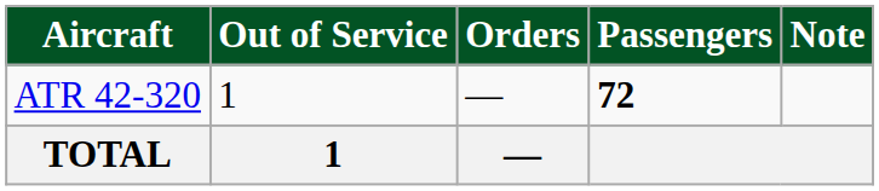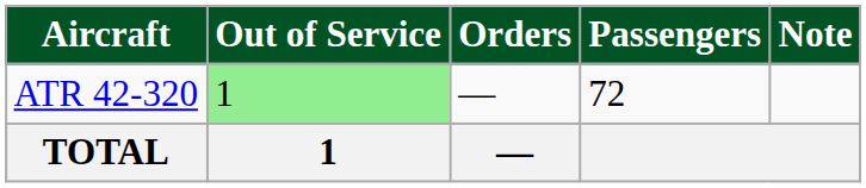 <table class="wikitable" style="margin: 1em auto;">
 <tr>
 <th style="background:#025324; color:white;">Aircraft</th>
 <th style="background:#025324; color:white;">Out of Service</th>
 <th style="background:#025324; color:white;">Orders</th>
 <th style="background:#025324; color:white;">Passengers</th>
 <th style="background:#025324; color:white;">Note</th>
 </tr>
 <tr>
 <td rowspan="1"><div><a href='#'>ATR 42-320</a></div></td>
-<td rowspan="1"><div>1</div></td>
+<td rowspan="1" style="background: lightgreen;"><div>1</div></td>
 <td rowspan="1"><div>—</div></td>
-<td rowspan="1"><strong><div>72</div></strong></td>
+<td rowspan="1"><div>72</div></td>
 <td><div></div></td>
 </tr>
 <tr>
 <th>TOTAL</th>
 <th>1</th>
 <th>—</th>
 <th colspan="3"></th>
 </tr>
 </table>
